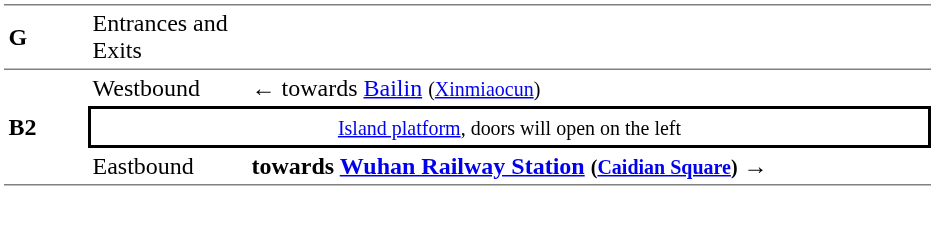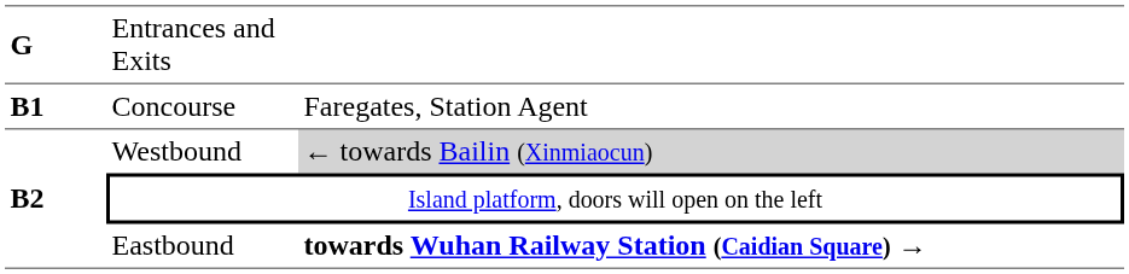 <table table border=0 cellspacing=0 cellpadding=3>
 <tr>
 <td style="border-top:solid 1px gray;border-bottom:solid 0px gray;" width=50><strong>G</strong></td>
 <td style="border-top:solid 1px gray;border-bottom:solid 0px gray;" width=100>Entrances and Exits</td>
 <td style="border-top:solid 1px gray;border-bottom:solid 0px gray;" width=450></td>
 </tr>
 <tr>
+<td style="border-top:solid 1px gray;border-bottom:solid 0px gray;" width=50><strong>B1</strong></td>
+<td style="border-top:solid 1px gray;border-bottom:solid 0px gray;" width=100>Concourse</td>
+<td style="border-top:solid 1px gray;border-bottom:solid 0px gray;" width=450>Faregates, Station Agent</td>
+</tr>
+<tr>
 <td style="border-top:solid 1px gray;border-bottom:solid 1px gray;" rowspan=3><strong>B2</strong></td>
 <td style="border-top:solid 1px gray;border-bottom:solid 0px gray;">Westbound</td>
-<td style="border-top:solid 1px gray;border-bottom:solid 0px gray;">←  towards <a href='#'>Bailin</a> <small>(<a href='#'>Xinmiaocun</a>)</small></td>
+<td style="background: lightgrey; border-top:solid 1px gray;border-bottom:solid 0px gray;">←  towards <a href='#'>Bailin</a> <small>(<a href='#'>Xinmiaocun</a>)</small></td>
 </tr>
 <tr>
 <td style="border-right:solid 2px black;border-left:solid 2px black;border-top:solid 2px black;border-bottom:solid 2px black;text-align:center;" colspan=2><small><a href='#'>Island platform</a>, doors will open on the left</small></td>
 </tr>
 <tr>
 <td style="border-bottom:solid 1px gray;">Eastbound</td>
 <td style="border-bottom:solid 1px gray;"><strong> towards <a href='#'>Wuhan Railway Station</a> <small>(<a href='#'>Caidian Square</a>)</small> →</strong></td>
 </tr>
 </table>
